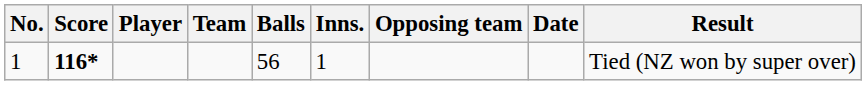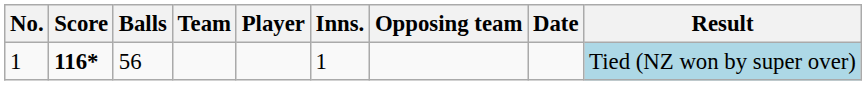 <table class="wikitable sortable" style="font-size:95%">
 <tr>
 <th>No.</th>
 <th>Score</th>
+<th>Balls</th>
+<th>Team</th>
 <th>Player</th>
-<th>Team</th>
-<th>Balls</th>
 <th>Inns.</th>
 <th>Opposing team</th>
 <th>Date</th>
 <th>Result</th>
 </tr>
 <tr>
 <td>1</td>
 <td><strong>116*</strong></td>
+<td>56</td>
 <td></td>
 <td></td>
-<td>56</td>
 <td>1</td>
 <td></td>
 <td></td>
-<td>Tied (NZ won by super over)</td>
+<td style="background: lightblue;">Tied (NZ won by super over)</td>
 </tr>
 </table>
